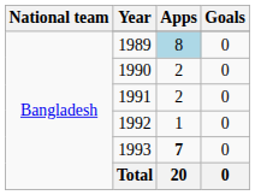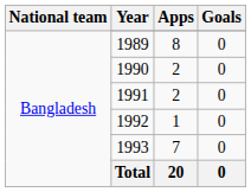 <table class="wikitable" style="text-align: center;">
 <tr>
 <th>National team</th>
 <th>Year</th>
 <th>Apps</th>
 <th>Goals</th>
 </tr>
 <tr>
 <td rowspan="7"><a href='#'>Bangladesh</a></td>
 </tr>
 <tr>
 <td>1989</td>
-<td style="background: lightblue;">8</td>
+<td>8</td>
 <td>0</td>
 </tr>
 <tr>
 <td>1990</td>
 <td>2</td>
 <td>0</td>
 </tr>
 <tr>
 <td>1991</td>
 <td>2</td>
 <td>0</td>
 </tr>
 <tr>
 <td>1992</td>
 <td>1</td>
 <td>0</td>
 </tr>
 <tr>
 <td>1993</td>
-<td><strong>7</strong></td>
+<td>7</td>
 <td>0</td>
 </tr>
 <tr>
 <th>Total</th>
 <th>20</th>
 <th>0</th>
 </tr>
 </table>
